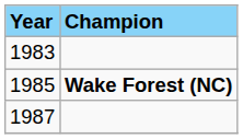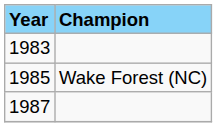 <table class="wikitable" style="font-size:85%;">
 <tr ! style="background-color: #87D3F8;">
 <td><strong>Year</strong></td>
 <td><strong>Champion</strong></td>
 </tr>
 <tr --->
 <td>1983</td>
 <td></td>
 </tr>
 <tr --->
 <td>1985</td>
-<td><strong>Wake Forest (NC)</strong></td>
+<td>Wake Forest (NC)</td>
 </tr>
 <tr --->
 <td>1987</td>
 <td></td>
 </tr>
 <tr --->
 </tr>
 </table>
